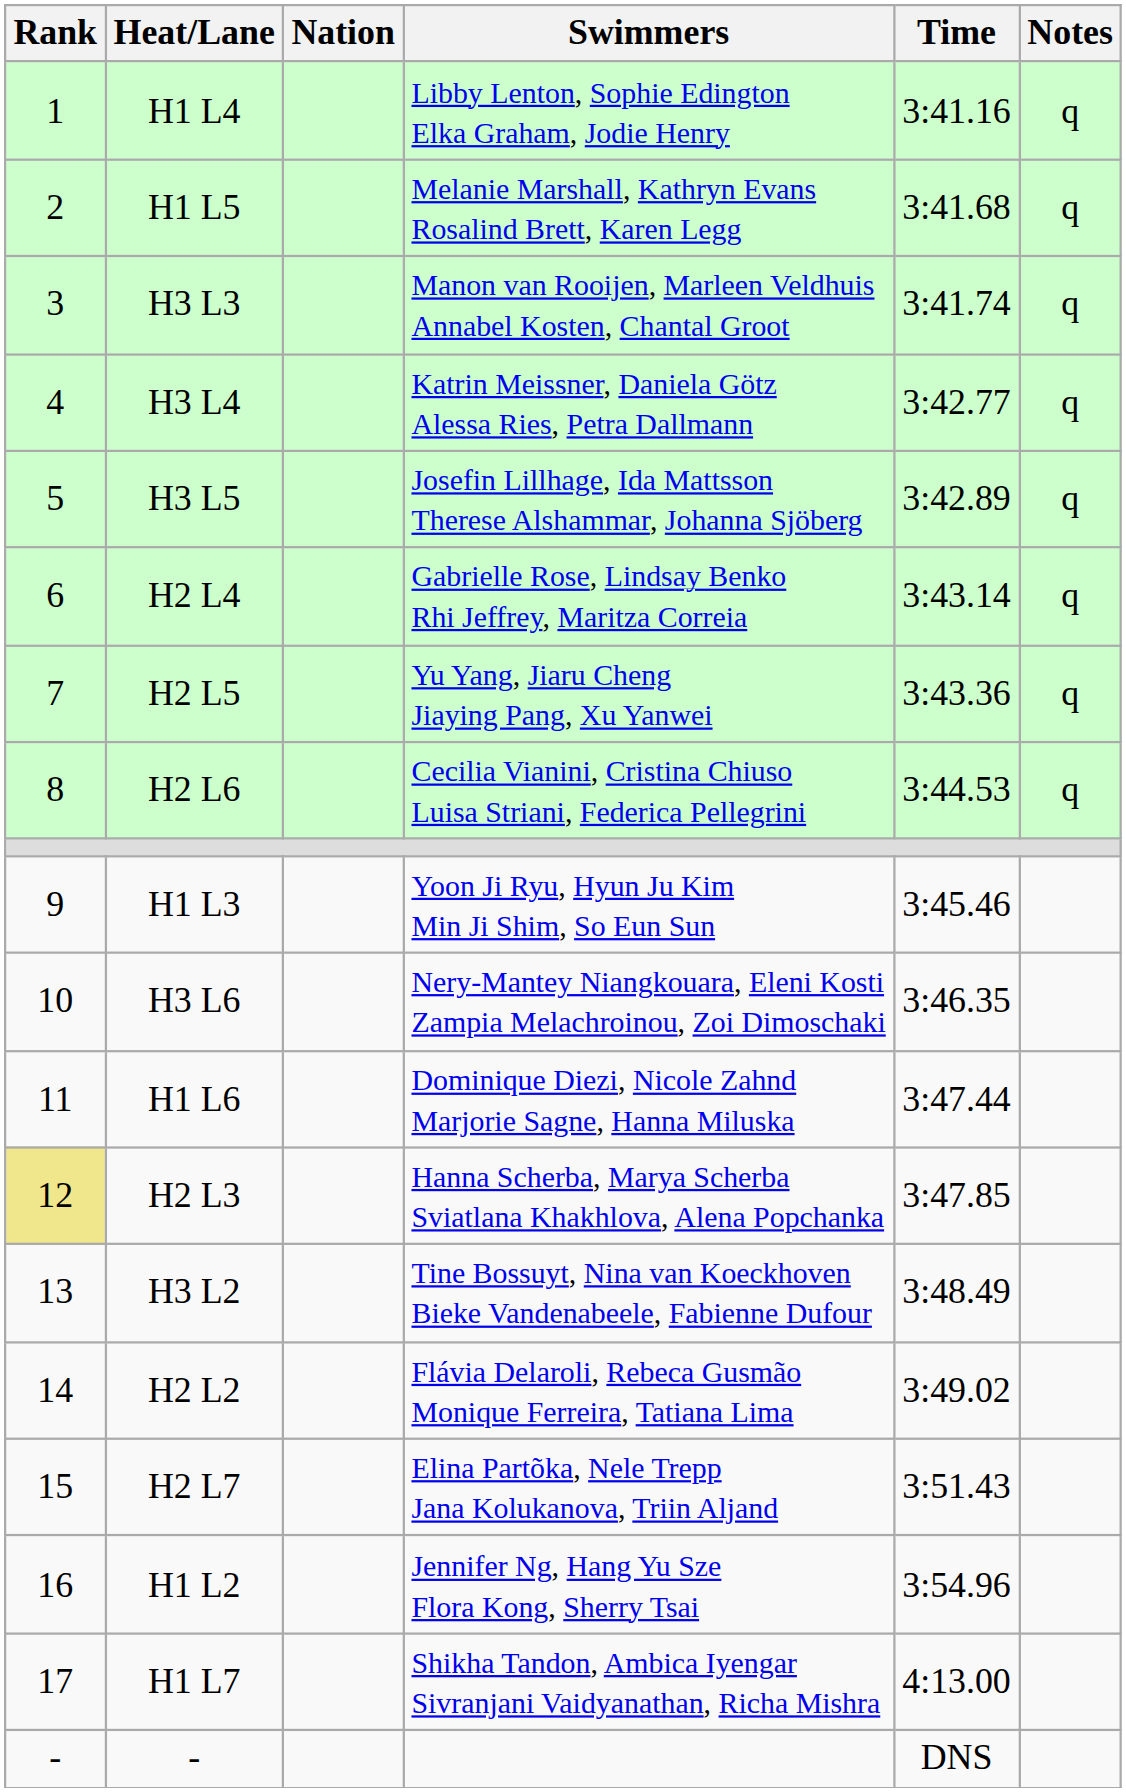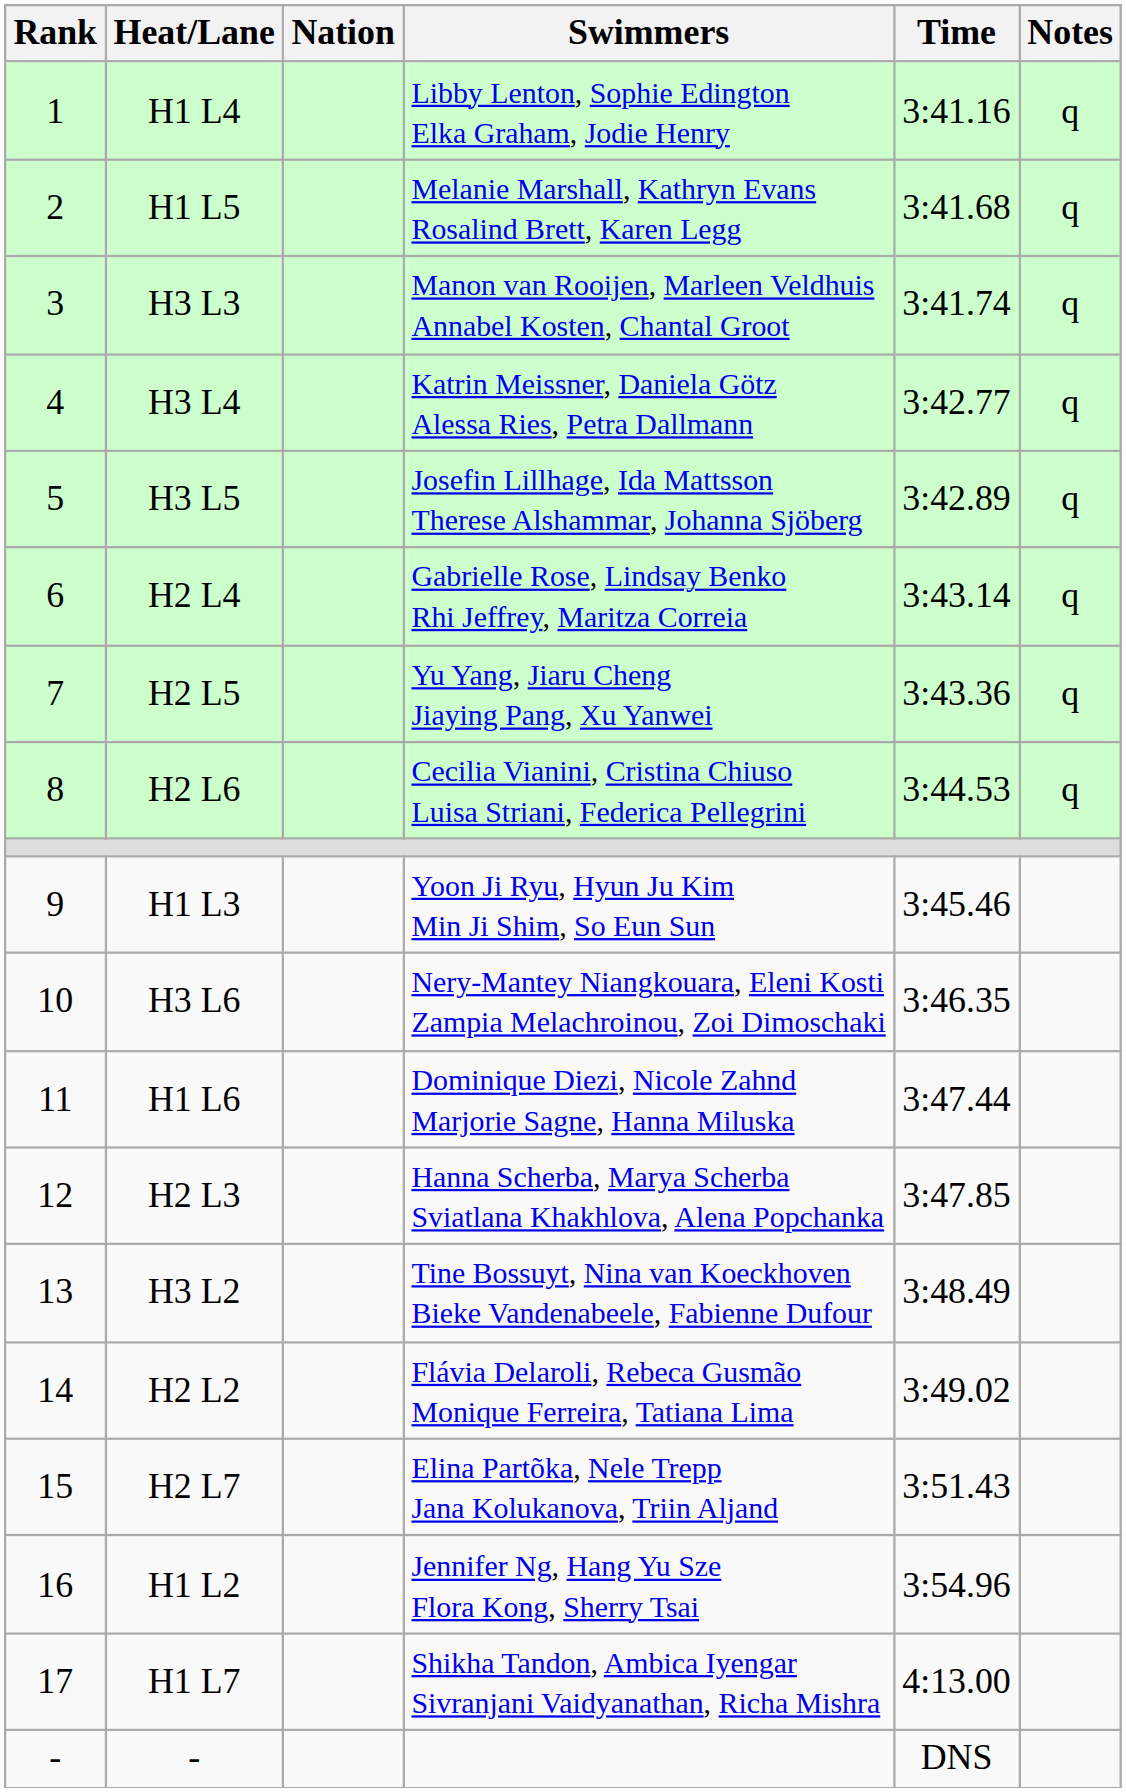 <table class="wikitable sortable" style="text-align:center">
 <tr>
 <th>Rank</th>
 <th>Heat/Lane</th>
 <th>Nation</th>
 <th>Swimmers</th>
 <th>Time</th>
 <th>Notes</th>
 </tr>
 <tr bgcolor=ccffcc>
 <td>1</td>
 <td>H1 L4</td>
 <td align=left></td>
 <td align=left><small> <a href='#'>Libby Lenton</a>, <a href='#'>Sophie Edington</a> <br> <a href='#'>Elka Graham</a>, <a href='#'>Jodie Henry</a> </small></td>
 <td>3:41.16</td>
 <td>q</td>
 </tr>
 <tr bgcolor=ccffcc>
 <td>2</td>
 <td>H1 L5</td>
 <td align=left></td>
 <td align=left><small> <a href='#'>Melanie Marshall</a>, <a href='#'>Kathryn Evans</a> <br> <a href='#'>Rosalind Brett</a>, <a href='#'>Karen Legg</a> </small></td>
 <td>3:41.68</td>
 <td>q</td>
 </tr>
 <tr bgcolor=ccffcc>
 <td>3</td>
 <td>H3 L3</td>
 <td align=left></td>
 <td align=left><small> <a href='#'>Manon van Rooijen</a>, <a href='#'>Marleen Veldhuis</a> <br> <a href='#'>Annabel Kosten</a>, <a href='#'>Chantal Groot</a> </small></td>
 <td>3:41.74</td>
 <td>q</td>
 </tr>
 <tr bgcolor=ccffcc>
 <td>4</td>
 <td>H3 L4</td>
 <td align=left></td>
 <td align=left><small> <a href='#'>Katrin Meissner</a>, <a href='#'>Daniela Götz</a> <br> <a href='#'>Alessa Ries</a>, <a href='#'>Petra Dallmann</a> </small></td>
 <td>3:42.77</td>
 <td>q</td>
 </tr>
 <tr bgcolor=ccffcc>
 <td>5</td>
 <td>H3 L5</td>
 <td align=left></td>
 <td align=left><small> <a href='#'>Josefin Lillhage</a>, <a href='#'>Ida Mattsson</a> <br> <a href='#'>Therese Alshammar</a>, <a href='#'>Johanna Sjöberg</a> </small></td>
 <td>3:42.89</td>
 <td>q</td>
 </tr>
 <tr bgcolor=ccffcc>
 <td>6</td>
 <td>H2 L4</td>
 <td align=left></td>
 <td align=left><small> <a href='#'>Gabrielle Rose</a>, <a href='#'>Lindsay Benko</a> <br> <a href='#'>Rhi Jeffrey</a>, <a href='#'>Maritza Correia</a> </small></td>
 <td>3:43.14</td>
 <td>q</td>
 </tr>
 <tr bgcolor=ccffcc>
 <td>7</td>
 <td>H2 L5</td>
 <td align=left></td>
 <td align=left><small> <a href='#'>Yu Yang</a>, <a href='#'>Jiaru Cheng</a> <br> <a href='#'>Jiaying Pang</a>, <a href='#'>Xu Yanwei</a> </small></td>
 <td>3:43.36</td>
 <td>q</td>
 </tr>
 <tr bgcolor=ccffcc>
 <td>8</td>
 <td>H2 L6</td>
 <td align=left></td>
 <td align=left><small> <a href='#'>Cecilia Vianini</a>, <a href='#'>Cristina Chiuso</a> <br> <a href='#'>Luisa Striani</a>, <a href='#'>Federica Pellegrini</a> </small></td>
 <td>3:44.53</td>
 <td>q</td>
 </tr>
 <tr bgcolor=#DDDDDD>
 <td colspan=6></td>
 </tr>
 <tr>
 <td>9</td>
 <td>H1 L3</td>
 <td align=left></td>
 <td align=left><small> <a href='#'>Yoon Ji Ryu</a>, <a href='#'>Hyun Ju Kim</a> <br> <a href='#'>Min Ji Shim</a>, <a href='#'>So Eun Sun</a> </small></td>
 <td>3:45.46</td>
 <td></td>
 </tr>
 <tr>
 <td>10</td>
 <td>H3 L6</td>
 <td align=left></td>
 <td align=left><small> <a href='#'>Nery-Mantey Niangkouara</a>, <a href='#'>Eleni Kosti</a> <br> <a href='#'>Zampia Melachroinou</a>, <a href='#'>Zoi Dimoschaki</a> </small></td>
 <td>3:46.35</td>
 <td></td>
 </tr>
 <tr>
 <td>11</td>
 <td>H1 L6</td>
 <td align=left></td>
 <td align=left><small> <a href='#'>Dominique Diezi</a>, <a href='#'>Nicole Zahnd</a> <br> <a href='#'>Marjorie Sagne</a>, <a href='#'>Hanna Miluska</a> </small></td>
 <td>3:47.44</td>
 <td></td>
 </tr>
 <tr>
-<td style="background: khaki;">12</td>
+<td>12</td>
 <td>H2 L3</td>
 <td align=left></td>
 <td align=left><small> <a href='#'>Hanna Scherba</a>, <a href='#'>Marya Scherba</a> <br> <a href='#'>Sviatlana Khakhlova</a>, <a href='#'>Alena Popchanka</a> </small></td>
 <td>3:47.85</td>
 <td></td>
 </tr>
 <tr>
 <td>13</td>
 <td>H3 L2</td>
 <td align=left></td>
 <td align=left><small> <a href='#'>Tine Bossuyt</a>, <a href='#'>Nina van Koeckhoven</a> <br> <a href='#'>Bieke Vandenabeele</a>, <a href='#'>Fabienne Dufour</a> </small></td>
 <td>3:48.49</td>
 <td></td>
 </tr>
 <tr>
 <td>14</td>
 <td>H2 L2</td>
 <td align=left></td>
 <td align=left><small> <a href='#'>Flávia Delaroli</a>, <a href='#'>Rebeca Gusmão</a> <br> <a href='#'>Monique Ferreira</a>, <a href='#'>Tatiana Lima</a> </small></td>
 <td>3:49.02</td>
 <td></td>
 </tr>
 <tr>
 <td>15</td>
 <td>H2 L7</td>
 <td align=left></td>
 <td align=left><small> <a href='#'>Elina Partõka</a>, <a href='#'>Nele Trepp</a> <br> <a href='#'>Jana Kolukanova</a>, <a href='#'>Triin Aljand</a> </small></td>
 <td>3:51.43</td>
 <td></td>
 </tr>
 <tr>
 <td>16</td>
 <td>H1 L2</td>
 <td align=left></td>
 <td align=left><small> <a href='#'>Jennifer Ng</a>, <a href='#'>Hang Yu Sze</a> <br> <a href='#'>Flora Kong</a>, <a href='#'>Sherry Tsai</a> </small></td>
 <td>3:54.96</td>
 <td></td>
 </tr>
 <tr>
 <td>17</td>
 <td>H1 L7</td>
 <td align=left></td>
 <td align=left><small> <a href='#'>Shikha Tandon</a>, <a href='#'>Ambica Iyengar</a> <br> <a href='#'>Sivranjani Vaidyanathan</a>, <a href='#'>Richa Mishra</a> </small></td>
 <td>4:13.00</td>
 <td></td>
 </tr>
 <tr>
 <td>-</td>
 <td>-</td>
 <td align=left></td>
 <td align=left></td>
 <td>DNS</td>
 <td></td>
 </tr>
 <tr>
 </tr>
 </table>
